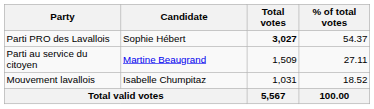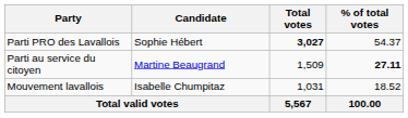 <table style="width:600px;" class="wikitable">
 <tr style="background-color:#E9E9E9">
 <th colspan="2" style="width: 200px">Party</th>
 <th colspan="1" style="width: 200px">Candidate</th>
 <th align="right">Total votes</th>
 <th align="right">% of total votes</th>
 </tr>
 <tr>
 <td colspan="2" align="left">Parti PRO des Lavallois</td>
 <td align="left">Sophie Hébert</td>
 <td align="right"><strong>3,027</strong></td>
 <td align="right">54.37</td>
 </tr>
 <tr>
 <td colspan="2" align="left">Parti au service du citoyen</td>
 <td align="left"><a href='#'>Martine Beaugrand</a></td>
 <td align="right">1,509</td>
-<td align="right">27.11</td>
+<td align="right"><strong>27.11</strong></td>
 </tr>
 <tr>
 <td colspan="2" align="left">Mouvement lavallois</td>
 <td align="left">Isabelle Chumpitaz</td>
 <td align="right">1,031</td>
 <td align="right">18.52</td>
 </tr>
 <tr bgcolor="#EEEEEE">
 <th colspan="3"  align="left">Total valid votes</th>
 <th align="right">5,567</th>
 <th align="right">100.00</th>
 </tr>
 </table>
